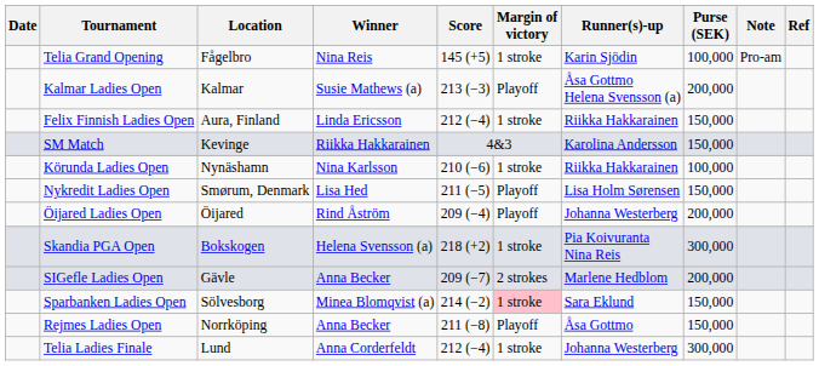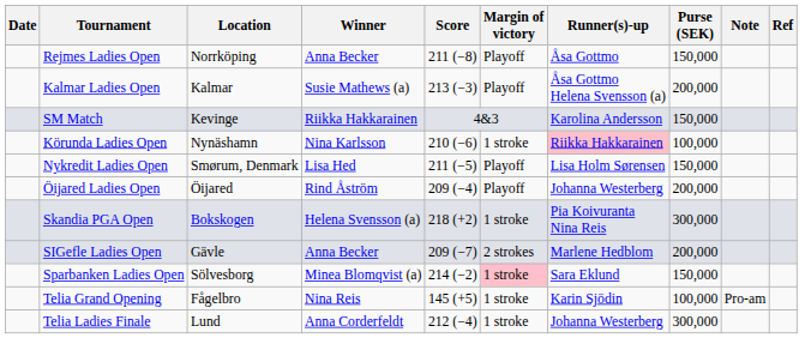 <table class="wikitable" style="font-size:95%;">
 <tr>
 <th>Date</th>
 <th>Tournament</th>
 <th>Location</th>
 <th>Winner</th>
 <th>Score</th>
 <th>Margin of<br>victory</th>
 <th>Runner(s)-up</th>
 <th>Purse<br>(SEK)</th>
 <th>Note</th>
 <th>Ref</th>
 </tr>
 <tr>
 <td></td>
-<td><a href='#'>Telia Grand Opening</a></td>
-<td>Fågelbro</td>
-<td> <a href='#'>Nina Reis</a></td>
-<td align=center>145 (+5)</td>
-<td>1 stroke</td>
-<td> <a href='#'>Karin Sjödin</a></td>
-<td align=right>100,000</td>
-<td>Pro-am</td>
+<td><a href='#'>Rejmes Ladies Open</a></td>
+<td>Norrköping</td>
+<td> <a href='#'>Anna Becker</a></td>
+<td align=center>211 (−8)</td>
+<td>Playoff</td>
+<td> <a href='#'>Åsa Gottmo</a></td>
+<td align=right>150,000</td>
+<td></td>
 <td></td>
 </tr>
 <tr>
 <td></td>
 <td><a href='#'>Kalmar Ladies Open</a></td>
 <td>Kalmar</td>
 <td> <a href='#'>Susie Mathews</a> (a)</td>
 <td align=center>213 (−3)</td>
 <td>Playoff</td>
 <td> <a href='#'>Åsa Gottmo</a><br> <a href='#'>Helena Svensson</a> (a)</td>
 <td align=right>200,000</td>
-<td></td>
-<td></td>
-</tr>
-<tr>
-<td></td>
-<td><a href='#'>Felix Finnish Ladies Open</a></td>
-<td>Aura, Finland</td>
-<td> <a href='#'>Linda Ericsson</a></td>
-<td align=center>212 (−4)</td>
-<td>1 stroke</td>
-<td> <a href='#'>Riikka Hakkarainen</a></td>
-<td align=right>150,000</td>
 <td></td>
 <td></td>
 </tr>
 <tr style="background:#dfe2e9;">
 <td></td>
 <td><a href='#'>SM Match</a></td>
 <td>Kevinge</td>
 <td> <a href='#'>Riikka Hakkarainen</a></td>
 <td colspan=2 align=center>4&3</td>
 <td> <a href='#'>Karolina Andersson</a></td>
 <td align=right>150,000</td>
 <td></td>
 <td></td>
 </tr>
 <tr>
 <td></td>
 <td><a href='#'>Körunda Ladies Open</a></td>
 <td>Nynäshamn</td>
 <td> <a href='#'>Nina Karlsson</a></td>
 <td align=center>210 (−6)</td>
 <td>1 stroke</td>
-<td> <a href='#'>Riikka Hakkarainen</a></td>
+<td style="background: pink;"> <a href='#'>Riikka Hakkarainen</a></td>
 <td align=right>100,000</td>
 <td></td>
 <td></td>
 </tr>
 <tr>
 <td></td>
 <td><a href='#'>Nykredit Ladies Open</a></td>
 <td>Smørum, Denmark</td>
 <td> <a href='#'>Lisa Hed</a></td>
 <td align=center>211 (−5)</td>
 <td>Playoff</td>
 <td> <a href='#'>Lisa Holm Sørensen</a></td>
 <td align=right>150,000</td>
 <td></td>
 <td></td>
 </tr>
 <tr>
 <td></td>
 <td><a href='#'>Öijared Ladies Open</a></td>
 <td>Öijared</td>
 <td> <a href='#'>Rind Åström</a></td>
 <td align=center>209 (−4)</td>
 <td>Playoff</td>
 <td> <a href='#'>Johanna Westerberg</a></td>
 <td align=right>200,000</td>
 <td></td>
 <td></td>
 </tr>
 <tr style="background:#dfe2e9;">
 <td></td>
 <td><a href='#'>Skandia PGA Open</a></td>
 <td><a href='#'>Bokskogen</a></td>
 <td> <a href='#'>Helena Svensson</a> (a)</td>
 <td align=center>218 (+2)</td>
 <td>1 stroke</td>
 <td> <a href='#'>Pia Koivuranta</a><br> <a href='#'>Nina Reis</a></td>
 <td align=right>300,000</td>
 <td></td>
 <td></td>
 </tr>
 <tr style="background:#dfe2e9;">
 <td></td>
 <td><a href='#'>SI</a><a href='#'>Gefle Ladies Open</a></td>
 <td>Gävle</td>
 <td> <a href='#'>Anna Becker</a></td>
 <td align=center>209 (−7)</td>
 <td>2 strokes</td>
 <td> <a href='#'>Marlene Hedblom</a></td>
 <td align=right>200,000</td>
 <td></td>
 <td></td>
 </tr>
 <tr>
 <td></td>
 <td><a href='#'>Sparbanken Ladies Open</a></td>
 <td>Sölvesborg</td>
 <td> <a href='#'>Minea Blomqvist</a> (a)</td>
 <td align=center>214 (−2)</td>
 <td style="background: pink;">1 stroke</td>
 <td> <a href='#'>Sara Eklund</a></td>
 <td align=right>150,000</td>
 <td></td>
 <td></td>
 </tr>
 <tr>
 <td></td>
-<td><a href='#'>Rejmes Ladies Open</a></td>
-<td>Norrköping</td>
-<td> <a href='#'>Anna Becker</a></td>
-<td align=center>211 (−8)</td>
-<td>Playoff</td>
-<td> <a href='#'>Åsa Gottmo</a></td>
-<td align=right>150,000</td>
-<td></td>
+<td><a href='#'>Telia Grand Opening</a></td>
+<td>Fågelbro</td>
+<td> <a href='#'>Nina Reis</a></td>
+<td align=center>145 (+5)</td>
+<td>1 stroke</td>
+<td> <a href='#'>Karin Sjödin</a></td>
+<td align=right>100,000</td>
+<td>Pro-am</td>
 <td></td>
 </tr>
 <tr>
 <td></td>
 <td><a href='#'>Telia Ladies Finale</a></td>
 <td>Lund</td>
 <td> <a href='#'>Anna Corderfeldt</a></td>
 <td align=center>212 (−4)</td>
 <td>1 stroke</td>
 <td> <a href='#'>Johanna Westerberg</a></td>
 <td align=right>300,000</td>
 <td></td>
 <td></td>
 </tr>
 </table>
